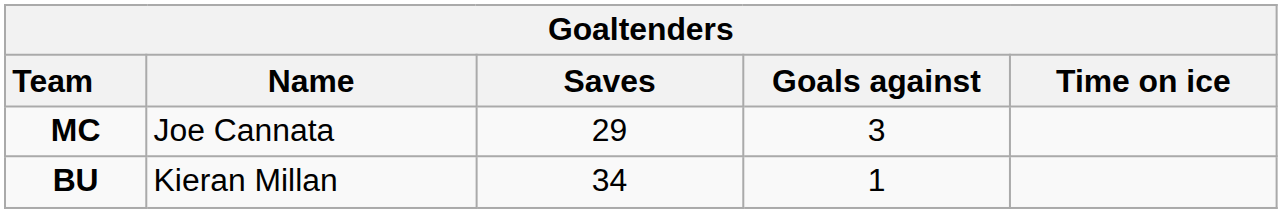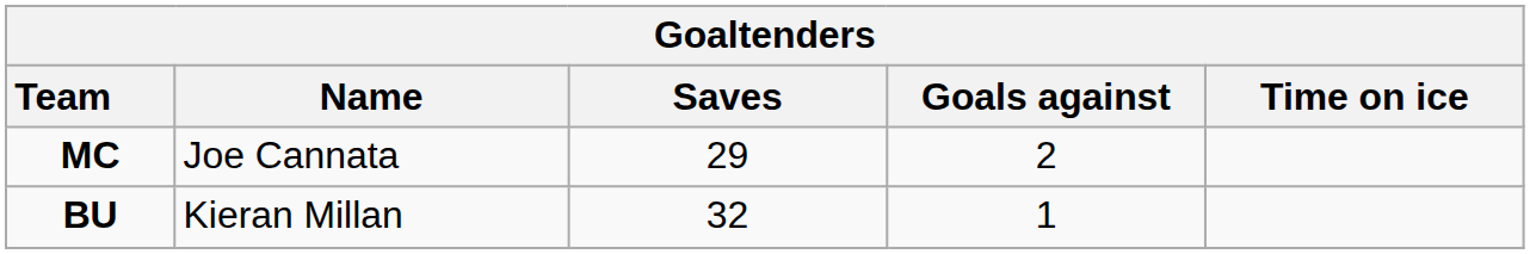 <table class="wikitable" style="width:40em; text-align:right;">
 <tr>
 <th colspan=5>Goaltenders</th>
 </tr>
 <tr>
 <th style="width:4em; text-align:left;">Team</th>
 <th style="width:10em;">Name</th>
 <th style="width:8em;">Saves</th>
 <th style="width:8em;">Goals against</th>
 <th style="width:8em;">Time on ice</th>
 </tr>
 <tr>
 <td align=center><strong>MC</strong></td>
 <td style="text-align:left;">Joe Cannata</td>
 <td align=center>29</td>
-<td align=center>3</td>
+<td align=center>2</td>
 <td align=center></td>
 </tr>
 <tr>
 <td align=center><strong>BU</strong></td>
 <td style="text-align:left;">Kieran Millan</td>
-<td align=center>34</td>
+<td align=center>32</td>
 <td align=center>1</td>
 <td align=center></td>
 </tr>
 </table>
